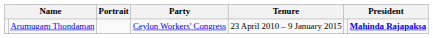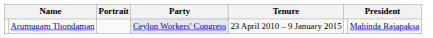 <table class="wikitable" style="font-size:90%; text-align:center;">
 <tr>
 <th colspan="2">Name</th>
 <th>Portrait</th>
 <th>Party</th>
 <th>Tenure</th>
 <th colspan="2">President</th>
 </tr>
 <tr>
 <td !align="center" style="background:"></td>
 <td><a href='#'>Arumugam Thondaman</a></td>
 <td></td>
-<td><a href='#'>Ceylon Workers' Congress</a></td>
+<td style="background: lavender;"><a href='#'>Ceylon Workers' Congress</a></td>
 <td>23 April 2010 – 9 January 2015</td>
 <td !align="center" style="background:"></td>
-<td><strong><a href='#'>Mahinda Rajapaksa</a></strong></td>
+<td><a href='#'>Mahinda Rajapaksa</a></td>
 </tr>
 </table>
